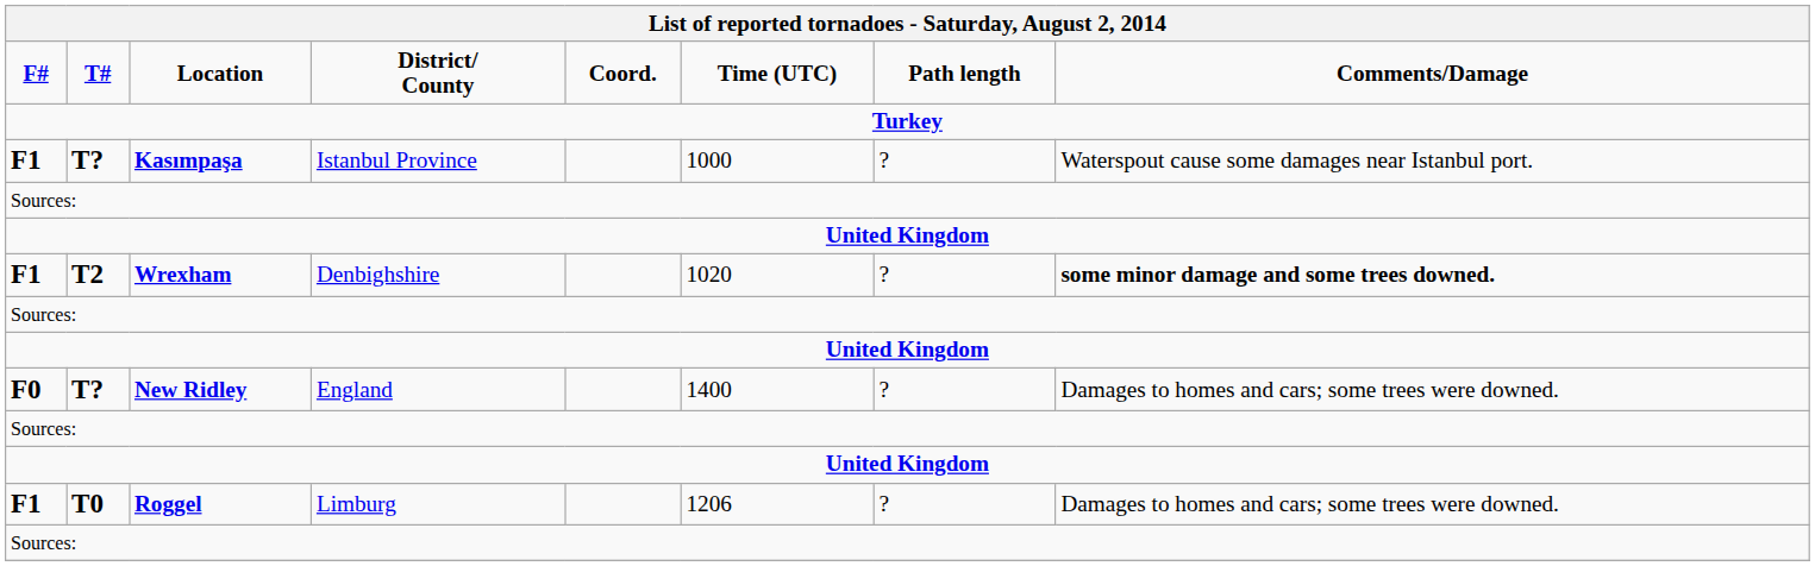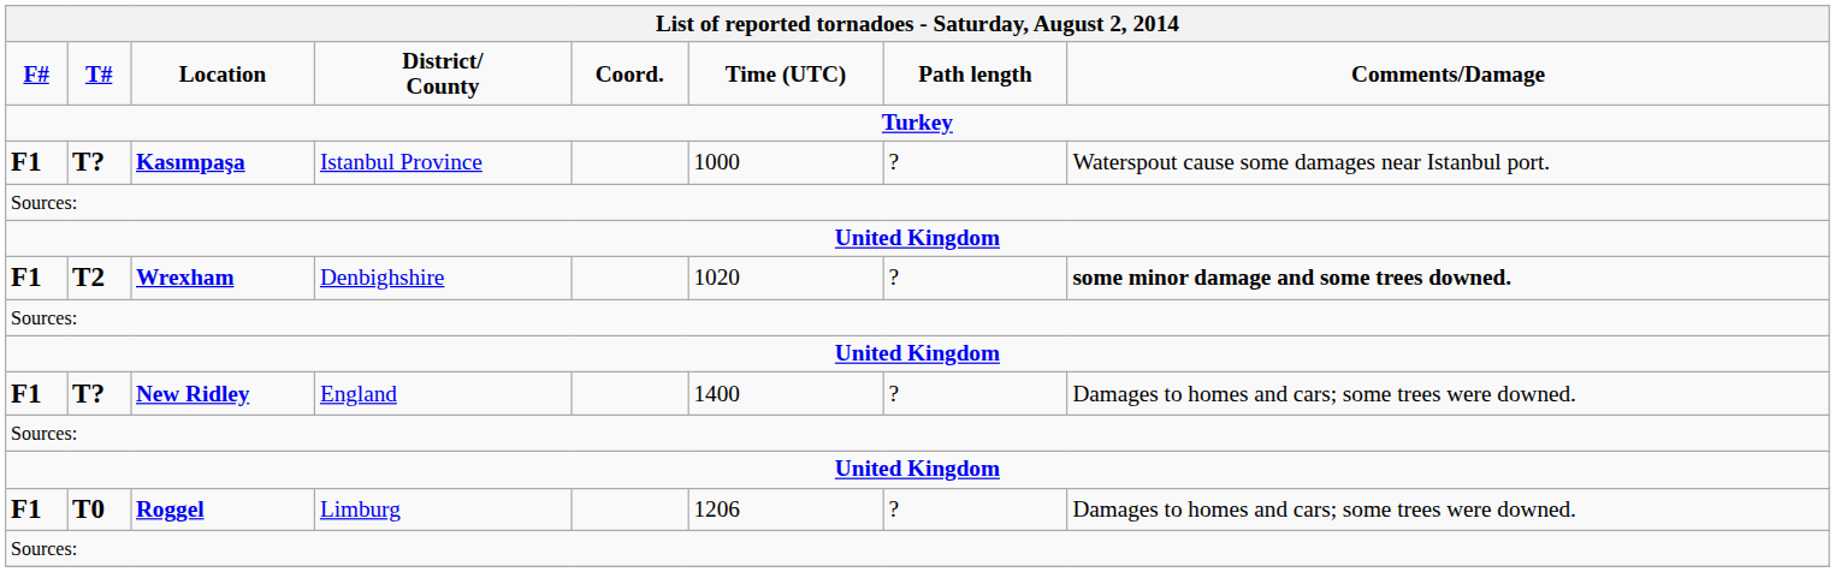 <table class="wikitable collapsible" width="100%">
 <tr>
 <th colspan="8">List of reported tornadoes - Saturday, August 2, 2014</th>
 </tr>
 <tr>
 <td style="text-align: center;"><strong><a href='#'>F#</a></strong></td>
 <td style="text-align: center;"><strong><a href='#'>T#</a></strong></td>
 <td style="text-align: center;"><strong>Location</strong></td>
 <td style="text-align: center;"><strong>District/<br>County</strong></td>
 <td style="text-align: center;"><strong>Coord.</strong></td>
 <td style="text-align: center;"><strong>Time (UTC)</strong></td>
 <td style="text-align: center;"><strong>Path length</strong></td>
 <td style="text-align: center;"><strong>Comments/Damage</strong></td>
 </tr>
 <tr>
 <td colspan="8" align=center><strong><a href='#'>Turkey</a></strong></td>
 </tr>
 <tr>
 <td><big><strong>F1</strong></big></td>
 <td><big><strong>T?</strong></big></td>
 <td><strong><a href='#'>Kasımpaşa</a></strong></td>
 <td><a href='#'>Istanbul Province</a></td>
 <td></td>
 <td>1000</td>
 <td>?</td>
 <td>Waterspout cause some damages near Istanbul port.</td>
 </tr>
 <tr>
 <td colspan="8"><small>Sources:</small></td>
 </tr>
 <tr>
 <td colspan="8" align=center><strong><a href='#'>United Kingdom</a></strong></td>
 </tr>
 <tr>
 <td><big><strong>F1</strong></big></td>
 <td><big><strong>T2</strong></big></td>
 <td><strong><a href='#'>Wrexham</a></strong></td>
 <td><a href='#'>Denbighshire</a></td>
 <td></td>
 <td>1020</td>
 <td>?</td>
 <td><strong>some minor damage and some trees downed.</strong></td>
 </tr>
 <tr>
 <td colspan="8"><small>Sources:</small></td>
 </tr>
 <tr>
 <td colspan="8" align=center><strong><a href='#'>United Kingdom</a></strong></td>
 </tr>
 <tr>
-<td><big><strong>F0</strong></big></td>
+<td><big><strong>F1</strong></big></td>
 <td><big><strong>T?</strong></big></td>
 <td><strong><a href='#'>New Ridley</a></strong></td>
 <td><a href='#'>England</a></td>
 <td></td>
 <td>1400</td>
 <td>?</td>
 <td>Damages to homes and cars; some trees were downed.</td>
 </tr>
 <tr>
 <td colspan="8"><small>Sources:</small></td>
 </tr>
 <tr>
 <td colspan="8" align=center><strong><a href='#'>United Kingdom</a></strong></td>
 </tr>
 <tr>
 <td><big><strong>F1</strong></big></td>
 <td><big><strong>T0</strong></big></td>
 <td><strong><a href='#'>Roggel</a></strong></td>
 <td><a href='#'>Limburg</a></td>
 <td></td>
 <td>1206</td>
 <td>?</td>
 <td>Damages to homes and cars; some trees were downed.</td>
 </tr>
 <tr>
 <td colspan="8"><small>Sources:</small></td>
 </tr>
 <tr>
 </tr>
 </table>
